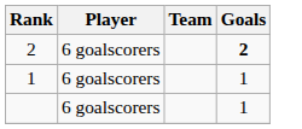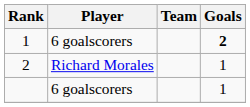 <table class="wikitable">
 <tr align="center">
 <th>Rank</th>
 <th>Player</th>
 <th>Team</th>
 <th>Goals</th>
 </tr>
 <tr>
-<td align=center>2</td>
+<td align=center>1</td>
 <td colspan="1">6 goalscorers</td>
 <td></td>
 <td align=center><strong>2</strong></td>
 </tr>
 <tr>
-<td align=center>1</td>
-<td colspan="1">6 goalscorers</td>
+<td align=center>2</td>
+<td><a href='#'>Richard Morales</a></td>
 <td></td>
 <td align="center">1</td>
 </tr>
 <tr>
 <td align=center></td>
 <td colspan="1">6 goalscorers</td>
 <td></td>
 <td align="center">1</td>
 </tr>
 <tr>
 </tr>
 </table>
